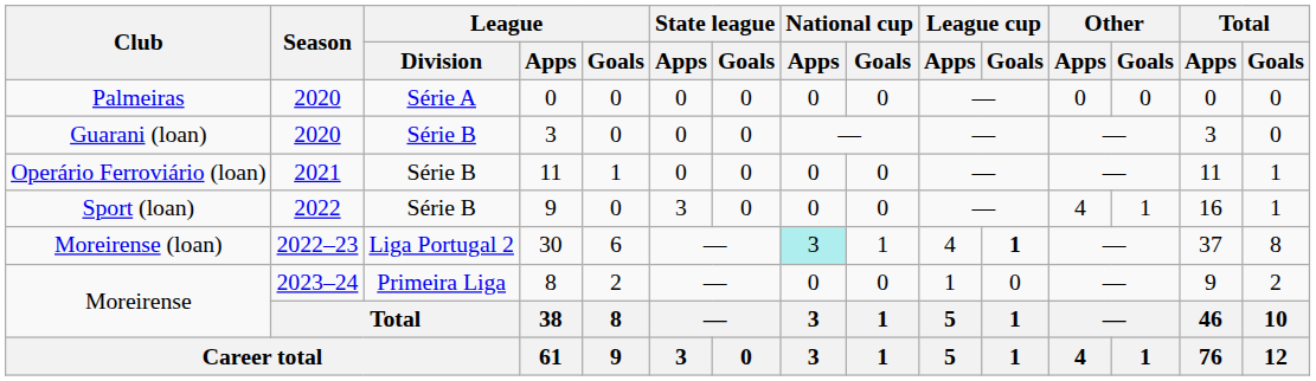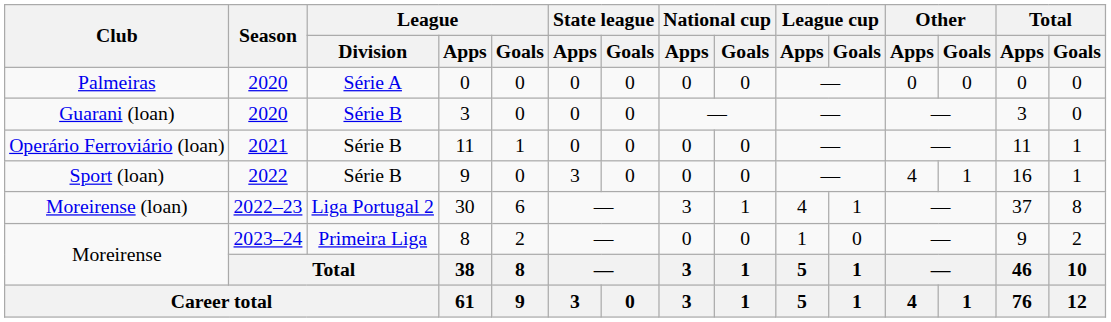 <table class="wikitable" style="text-align: center">
 <tr>
 <th rowspan="2">Club</th>
 <th rowspan="2">Season</th>
 <th colspan="3">League</th>
 <th colspan="2">State league</th>
 <th colspan="2">National cup</th>
 <th colspan="2">League cup</th>
 <th colspan="2">Other</th>
 <th colspan="2">Total</th>
 </tr>
 <tr>
 <th>Division</th>
 <th>Apps</th>
 <th>Goals</th>
 <th>Apps</th>
 <th>Goals</th>
 <th>Apps</th>
 <th>Goals</th>
 <th>Apps</th>
 <th>Goals</th>
 <th>Apps</th>
 <th>Goals</th>
 <th>Apps</th>
 <th>Goals</th>
 </tr>
 <tr>
 <td><a href='#'>Palmeiras</a></td>
 <td><a href='#'>2020</a></td>
 <td><a href='#'>Série A</a></td>
 <td>0</td>
 <td>0</td>
 <td>0</td>
 <td>0</td>
 <td>0</td>
 <td>0</td>
 <td colspan="2">—</td>
 <td>0</td>
 <td>0</td>
 <td>0</td>
 <td>0</td>
 </tr>
 <tr>
 <td><a href='#'>Guarani</a> (loan)</td>
 <td><a href='#'>2020</a></td>
 <td><a href='#'>Série B</a></td>
 <td>3</td>
 <td>0</td>
 <td>0</td>
 <td>0</td>
 <td colspan="2">—</td>
 <td colspan="2">—</td>
 <td colspan="2">—</td>
 <td>3</td>
 <td>0</td>
 </tr>
 <tr>
 <td><a href='#'>Operário Ferroviário</a> (loan)</td>
 <td><a href='#'>2021</a></td>
 <td>Série B</td>
 <td>11</td>
 <td>1</td>
 <td>0</td>
 <td>0</td>
 <td>0</td>
 <td>0</td>
 <td colspan="2">—</td>
 <td colspan="2">—</td>
 <td>11</td>
 <td>1</td>
 </tr>
 <tr>
 <td><a href='#'>Sport</a> (loan)</td>
 <td><a href='#'>2022</a></td>
 <td>Série B</td>
 <td>9</td>
 <td>0</td>
 <td>3</td>
 <td>0</td>
 <td>0</td>
 <td>0</td>
 <td colspan="2">—</td>
 <td>4</td>
 <td>1</td>
 <td>16</td>
 <td>1</td>
 </tr>
 <tr>
 <td><a href='#'>Moreirense</a> (loan)</td>
 <td><a href='#'>2022–23</a></td>
 <td><a href='#'>Liga Portugal 2</a></td>
 <td>30</td>
 <td>6</td>
 <td colspan="2">—</td>
-<td style="background: paleturquoise;">3</td>
+<td>3</td>
 <td>1</td>
 <td>4</td>
-<td><strong>1</strong></td>
+<td>1</td>
 <td colspan="2">—</td>
 <td>37</td>
 <td>8</td>
 </tr>
 <tr>
 <td rowspan="2">Moreirense</td>
 <td><a href='#'>2023–24</a></td>
 <td><a href='#'>Primeira Liga</a></td>
 <td>8</td>
 <td>2</td>
 <td colspan="2">—</td>
 <td>0</td>
 <td>0</td>
 <td>1</td>
 <td>0</td>
 <td colspan="2">—</td>
 <td>9</td>
 <td>2</td>
 </tr>
 <tr>
 <th colspan="2">Total</th>
 <th>38</th>
 <th>8</th>
 <th colspan="2">—</th>
 <th>3</th>
 <th>1</th>
 <th>5</th>
 <th>1</th>
 <th colspan="2">—</th>
 <th>46</th>
 <th>10</th>
 </tr>
 <tr>
 <th colspan="3"><strong>Career total</strong></th>
 <th>61</th>
 <th>9</th>
 <th>3</th>
 <th>0</th>
 <th>3</th>
 <th>1</th>
 <th>5</th>
 <th>1</th>
 <th>4</th>
 <th>1</th>
 <th>76</th>
 <th>12</th>
 </tr>
 </table>
